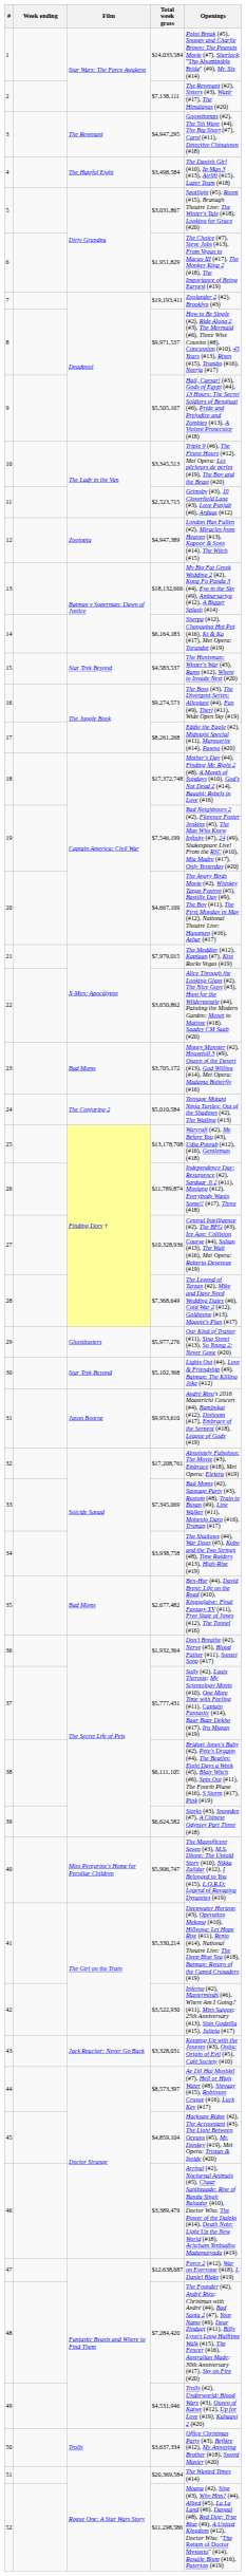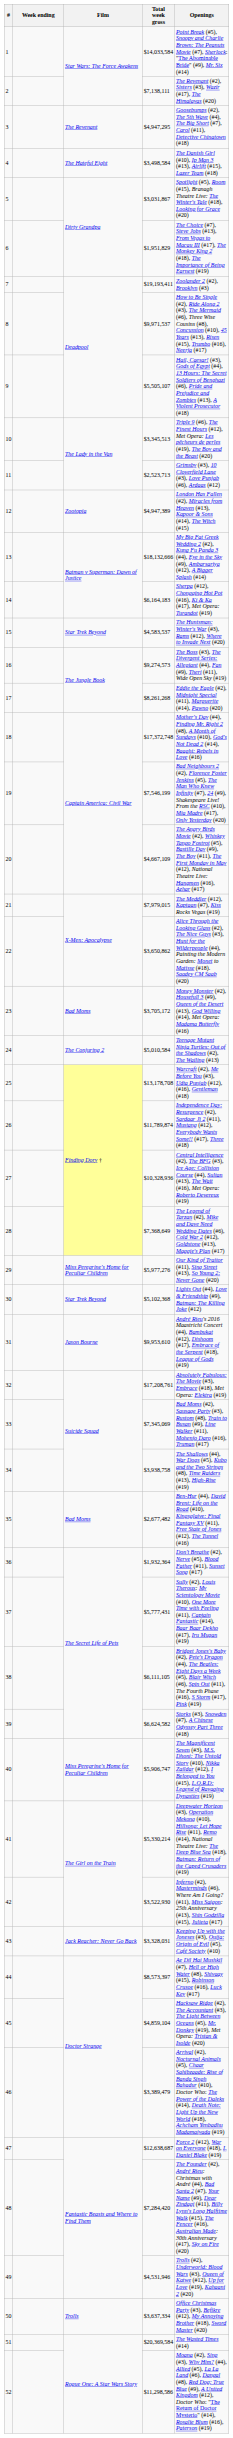 <table class="wikitable sortable">
 <tr>
 <th abbr="Week">#</th>
 <th abbr="Date" style="width:130px">Week ending</th>
 <th style="width:35%;">Film</th>
 <th abbr="Gross">Total<br>week<br>gross</th>
 <th>Openings</th>
 </tr>
 <tr>
 <td>1</td>
 <td></td>
 <td rowspan="2"><em><a href='#'>Star Wars: The Force Awakens</a></em></td>
 <td>$14,033,584</td>
 <td><em><a href='#'>Point Break</a></em> (#5), <em><a href='#'>Snoopy and Charlie Brown: The Peanuts Movie</a></em> (#7), <em><a href='#'>Sherlock</a></em>: "<a href='#'>The Abominable Bride</a>" (#9), <em><a href='#'>Mr. Six</a></em> (#14)</td>
 </tr>
 <tr>
 <td>2</td>
 <td></td>
 <td>$7,138,111</td>
 <td><em><a href='#'>The Revenant</a></em> (#2), <em><a href='#'>Sisters</a></em> (#3), <em><a href='#'>Wazir</a></em> (#17), <em><a href='#'>The Himalayas</a></em> (#20)</td>
 </tr>
 <tr>
 <td>3</td>
 <td></td>
 <td><em><a href='#'>The Revenant</a></em></td>
 <td>$4,947,295</td>
 <td><em><a href='#'>Goosebumps</a></em> (#2), <em><a href='#'>The 5th Wave</a></em> (#4), <em><a href='#'>The Big Short</a></em> (#7), <em><a href='#'>Carol</a></em> (#11), <em><a href='#'>Detective Chinatown</a></em> (#18)</td>
 </tr>
 <tr>
 <td>4</td>
 <td></td>
 <td><em><a href='#'>The Hateful Eight</a></em></td>
 <td>$3,498,584</td>
 <td><em><a href='#'>The Danish Girl</a></em> (#10), <em><a href='#'>Ip Man 3</a></em> (#13), <em><a href='#'>Airlift</a></em> (#15), <em><a href='#'>Lazer Team</a></em> (#18)</td>
 </tr>
 <tr>
 <td>5</td>
 <td></td>
 <td rowspan="2"><em><a href='#'>Dirty Grandpa</a></em></td>
 <td>$3,031,867</td>
 <td><em><a href='#'>Spotlight</a></em> (#5), <em><a href='#'>Room</a></em> (#15), <em>Branagh Theatre Live: <a href='#'>The Winter's Tale</a></em> (#18), <em><a href='#'>Looking for Grace</a></em> (#20)</td>
 </tr>
 <tr>
 <td>6</td>
 <td></td>
 <td>$1,951,829</td>
 <td><em><a href='#'>The Choice</a></em> (#7), <em><a href='#'>Steve Jobs</a></em> (#13), <em><a href='#'>From Vegas to Macau III</a></em> (#17), <em><a href='#'>The Monkey King 2</a></em> (#18), <em><a href='#'>The Importance of Being Earnest</a></em> (#19)</td>
 </tr>
 <tr>
 <td>7</td>
 <td></td>
 <td rowspan="3"><em><a href='#'>Deadpool</a></em></td>
 <td>$19,193,411</td>
 <td><em><a href='#'>Zoolander 2</a></em> (#2), <em><a href='#'>Brooklyn</a></em> (#3)</td>
 </tr>
 <tr>
 <td>8</td>
 <td></td>
 <td>$9,971,537</td>
 <td><em><a href='#'>How to Be Single</a></em> (#2), <em><a href='#'>Ride Along 2</a></em> (#3), <em><a href='#'>The Mermaid</a></em> (#6), <em>Three Wise Cousins</em> (#8), <em><a href='#'>Concussion</a></em> (#10), <em><a href='#'>45 Years</a></em> (#13), <em><a href='#'>Risen</a></em> (#15), <em><a href='#'>Trumbo</a></em> (#16), <em><a href='#'>Neerja</a></em> (#17)</td>
 </tr>
 <tr>
 <td>9</td>
 <td></td>
 <td>$5,505,107</td>
 <td><em><a href='#'>Hail, Caesar!</a></em> (#3), <em><a href='#'>Gods of Egypt</a></em> (#4), <em><a href='#'>13 Hours: The Secret Soldiers of Benghazi</a></em> (#6), <em><a href='#'>Pride and Prejudice and Zombies</a></em> (#13), <em><a href='#'>A Violent Prosecutor</a></em> (#18)</td>
 </tr>
 <tr>
 <td>10</td>
 <td></td>
 <td rowspan="2"><em><a href='#'>The Lady in the Van</a></em></td>
 <td>$3,345,513</td>
 <td><em><a href='#'>Triple 9</a></em> (#6), <em><a href='#'>The Finest Hours</a></em> (#12), <em>Met Opera: <a href='#'>Les pêcheurs de perles</a></em> (#19), <em><a href='#'>The Boy and the Beast</a></em> (#20)</td>
 </tr>
 <tr>
 <td>11</td>
 <td></td>
-<td>$2,523,715</td>
+<td>$2,523,713</td>
 <td><em><a href='#'>Grimsby</a></em> (#3), <em><a href='#'>10 Cloverfield Lane</a></em> (#3), <em><a href='#'>Love Punjab</a></em> (#6), <em><a href='#'>Ardaas</a></em> (#12)</td>
 </tr>
 <tr>
 <td>12</td>
 <td></td>
 <td><em><a href='#'>Zootopia</a></em></td>
 <td>$4,947,389</td>
 <td><em><a href='#'>London Has Fallen</a></em> (#2), <em><a href='#'>Miracles from Heaven</a></em> (#13), <em><a href='#'>Kapoor & Sons</a></em> (#14), <em><a href='#'>The Witch</a></em> (#15)</td>
 </tr>
 <tr>
 <td>13</td>
 <td></td>
 <td rowspan="2"><em><a href='#'>Batman v Superman: Dawn of Justice</a></em></td>
 <td>$18,132,666</td>
 <td><em><a href='#'>My Big Fat Greek Wedding 2</a></em> (#2), <em><a href='#'>Kung Fu Panda 3</a></em> (#4), <em><a href='#'>Eye in the Sky</a></em> (#9), <em><a href='#'>Ambarsariya</a></em> (#12), <em><a href='#'>A Bigger Splash</a></em> (#14)</td>
 </tr>
 <tr>
 <td>14</td>
 <td></td>
 <td>$6,164,183</td>
 <td><em><a href='#'>Sherpa</a></em> (#12), <em><a href='#'>Chongqing Hot Pot</a></em> (#16), <em><a href='#'>Ki & Ka</a></em> (#17), <em>Met Opera: <a href='#'>Turandot</a></em> (#19)</td>
 </tr>
 <tr>
 <td>15</td>
 <td></td>
 <td><em><a href='#'>Star Trek Beyond</a></em></td>
 <td>$4,583,537</td>
 <td><em><a href='#'>The Huntsman: Winter's War</a></em> (#3), <em><a href='#'>Rams</a></em> (#12), <em><a href='#'>Where to Invade Next</a></em> (#20)</td>
 </tr>
 <tr>
 <td>16</td>
 <td></td>
 <td rowspan="2"><em><a href='#'>The Jungle Book</a></em></td>
 <td>$9,274,573</td>
 <td><em><a href='#'>The Boss</a></em> (#3), <em><a href='#'>The Divergent Series: Allegiant</a></em> (#4), <em><a href='#'>Fan</a></em> (#9), <em><a href='#'>Theri</a></em> (#11), <em>Wide Open Sky</em> (#19)</td>
 </tr>
 <tr>
 <td>17</td>
 <td></td>
 <td>$8,261,268</td>
 <td><em><a href='#'>Eddie the Eagle</a></em> (#2), <em><a href='#'>Midnight Special</a></em> (#11), <em><a href='#'>Marguerite</a></em> (#14), <em><a href='#'>Pawno</a></em> (#20)</td>
 </tr>
 <tr>
 <td>18</td>
 <td></td>
 <td rowspan="3"><em><a href='#'>Captain America: Civil War</a></em></td>
 <td>$17,372,748</td>
 <td><em><a href='#'>Mother's Day</a></em> (#4), <em><a href='#'>Finding Mr. Right 2</a></em> (#8), <em><a href='#'>A Month of Sundays</a></em> (#10), <em><a href='#'>God's Not Dead 2</a></em> (#14), <em><a href='#'>Baaghi: Rebels in Love</a></em> (#16)</td>
 </tr>
 <tr>
 <td>19</td>
 <td></td>
 <td>$7,546,199</td>
 <td><em><a href='#'>Bad Neighbours 2</a></em> (#2), <em><a href='#'>Florence Foster Jenkins</a></em> (#5), <em><a href='#'>The Man Who Knew Infinity</a></em> (#7), <em><a href='#'>24</a></em> (#9), <em>Shakespeare Live! From the <a href='#'>RSC</a></em> (#10), <em><a href='#'>Mia Madre</a></em> (#17), <em><a href='#'>Only Yesterday</a></em> (#20)</td>
 </tr>
 <tr>
 <td>20</td>
 <td></td>
 <td>$4,667,109</td>
 <td><em><a href='#'>The Angry Birds Movie</a></em> (#2), <em><a href='#'>Whiskey Tango Foxtrot</a></em> (#5), <em><a href='#'>Bastille Day</a></em> (#9), <em><a href='#'>The Boy</a></em> (#11), <em><a href='#'>The First Monday in May</a></em> (#12), <em>National Theatre Live: <a href='#'>Hangmen</a></em> (#16), <em><a href='#'>Azhar</a></em> (#17)</td>
 </tr>
 <tr>
 <td>21</td>
 <td></td>
 <td rowspan="2"><em><a href='#'>X-Men: Apocalypse</a></em></td>
 <td>$7,979,015</td>
 <td><em><a href='#'>The Meddler</a></em> (#12), <em><a href='#'>Kaptaan</a></em> (#7), <em><a href='#'>Kiss</a> Rocks Vegas</em> (#19)</td>
 </tr>
 <tr>
 <td>22</td>
 <td></td>
 <td>$3,650,862</td>
 <td><em><a href='#'>Alice Through the Looking Glass</a></em> (#2), <em><a href='#'>The Nice Guys</a></em> (#3), <em><a href='#'>Hunt for the Wilderpeople</a></em> (#4), <em>Painting the Modern Garden: <a href='#'>Monet</a> to <a href='#'>Matisse</a></em> (#18). <em><a href='#'>Saadey CM Saab</a></em> (#20)</td>
 </tr>
 <tr>
 <td>23</td>
 <td></td>
 <td><em><a href='#'>Bad Moms</a></em></td>
 <td>$3,705,172</td>
 <td><em><a href='#'>Money Monster</a></em> (#2), <em><a href='#'>Housefull 3</a></em> (#9), <em><a href='#'>Queen of the Desert</a></em> (#13), <em><a href='#'>God Willing</a></em> (#14), <em>Met Opera: <a href='#'>Madama Butterfly</a></em> (#16)</td>
 </tr>
 <tr>
 <td>24</td>
 <td></td>
 <td><em><a href='#'>The Conjuring 2</a></em></td>
 <td>$5,010,584</td>
 <td><em><a href='#'>Teenage Mutant Ninja Turtles: Out of the Shadows</a></em> (#2), <em><a href='#'>The Wailing</a></em> (#13)</td>
 </tr>
 <tr>
 <td>25</td>
 <td></td>
 <td rowspan="4" style="background-color:#FFFF99"><em><a href='#'>Finding Dory</a></em> †</td>
 <td>$13,178,708</td>
 <td><em><a href='#'>Warcraft</a></em> (#2), <em><a href='#'>Me Before You</a></em> (#3), <em><a href='#'>Udta Punjab</a></em> (#12), <em></em> (#16), <em><a href='#'>Gentleman</a></em> (#18)</td>
 </tr>
 <tr>
 <td>26</td>
 <td></td>
 <td>$11,789,874</td>
 <td><em><a href='#'>Independence Day: Resurgence</a></em> (#2), <em><a href='#'>Sardaar Ji 2</a></em> (#11), <em><a href='#'>Mustang</a></em> (#12), <em><a href='#'>Everybody Wants Some!!</a></em> (#17), <em><a href='#'>Three</a></em> (#18)</td>
 </tr>
 <tr>
 <td>27</td>
 <td></td>
 <td>$10,328,936</td>
 <td><em><a href='#'>Central Intelligence</a></em> (#2), <em><a href='#'>The BFG</a></em> (#3), <em><a href='#'>Ice Age: Collision Course</a></em> (#4), <em><a href='#'>Sultan</a></em> (#13), <em><a href='#'>The Wait</a></em> (#16), <em>Met Opera: <a href='#'>Roberto Devereux</a></em> (#19)</td>
 </tr>
 <tr>
 <td>28</td>
 <td></td>
 <td>$7,368,649</td>
 <td><em><a href='#'>The Legend of Tarzan</a></em> (#2), <em><a href='#'>Mike and Dave Need Wedding Dates</a></em> (#6), <em><a href='#'>Cold War 2</a></em> (#12), <em><a href='#'>Goldstone</a></em> (#13), <em><a href='#'>Maggie's Plan</a></em> (#17)</td>
 </tr>
 <tr>
 <td>29</td>
 <td></td>
-<td><em><a href='#'>Ghostbusters</a></em></td>
+<td><em><a href='#'>Miss Peregrine's Home for Peculiar Children</a></em></td>
 <td>$5,977,276</td>
 <td><em><a href='#'>Our Kind of Traitor</a></em> (#11), <em><a href='#'>Sing Street</a></em> (#13), <em><a href='#'>So Young 2: Never Gone</a></em> (#20)</td>
 </tr>
 <tr>
 <td>30</td>
 <td></td>
 <td><em><a href='#'>Star Trek Beyond</a></em></td>
 <td>$5,102,368</td>
 <td><em><a href='#'>Lights Out</a></em> (#4), <em><a href='#'>Love & Friendship</a></em> (#9), <em><a href='#'>Batman: The Killing Joke</a></em> (#12)</td>
 </tr>
 <tr>
 <td>31</td>
 <td></td>
 <td><em><a href='#'>Jason Bourne</a></em></td>
 <td>$9,953,610</td>
 <td><em><a href='#'>André Rieu</a>'s 2016 Maastricht Concert</em> (#4), <em><a href='#'>Bambukat</a></em> (#12), <em><a href='#'>Dishoom</a></em> (#17), <em><a href='#'>Embrace of the Serpent</a></em> (#18), <em><a href='#'>League of Gods</a></em> (#19)</td>
 </tr>
 <tr>
 <td>32</td>
 <td></td>
 <td rowspan="3"><em><a href='#'>Suicide Squad</a></em></td>
 <td>$17,208,761</td>
 <td><em><a href='#'>Absolutely Fabulous: The Movie</a></em> (#3), <em><a href='#'>Embrace</a></em> (#18), <em>Met Opera: <a href='#'>Elektra</a></em> (#19)</td>
 </tr>
 <tr>
 <td>33</td>
 <td></td>
 <td>$7,345,069</td>
 <td><em><a href='#'>Bad Moms</a></em> (#2), <em><a href='#'>Sausage Party</a></em> (#3), <em><a href='#'>Rustom</a></em> (#8), <em><a href='#'>Train to Busan</a></em> (#9), <em><a href='#'>Line Walker</a></em> (#11), <em><a href='#'>Mohenjo Daro</a></em> (#16), <em><a href='#'>Truman</a></em> (#17)</td>
 </tr>
 <tr>
 <td>34</td>
 <td></td>
 <td>$3,938,758</td>
 <td><em><a href='#'>The Shallows</a></em> (#4), <em><a href='#'>War Dogs</a></em> (#5), <em><a href='#'>Kubo and the Two Strings</a></em> (#8), <em><a href='#'>Time Raiders</a></em> (#13), <em><a href='#'>High-Rise</a></em> (#19)</td>
 </tr>
 <tr>
 <td>35</td>
 <td></td>
 <td><em><a href='#'>Bad Moms</a></em></td>
 <td>$2,677,482</td>
 <td><em><a href='#'>Ben-Hur</a></em> (#4), <em><a href='#'>David Brent: Life on the Road</a></em> (#10), <em><a href='#'>Kingsglaive: Final Fantasy XV</a></em> (#11), <em><a href='#'>Free State of Jones</a></em> (#12), <em><a href='#'>The Tunnel</a></em> (#16)</td>
 </tr>
 <tr>
 <td>36</td>
 <td></td>
 <td rowspan="4"><em><a href='#'>The Secret Life of Pets</a></em></td>
 <td>$1,932,364</td>
 <td><em><a href='#'>Don't Breathe</a></em> (#2), <em><a href='#'>Nerve</a></em> (#5), <em><a href='#'>Blood Father</a></em> (#11), <em><a href='#'>Sunset Song</a></em> (#17)</td>
 </tr>
 <tr>
 <td>37</td>
 <td></td>
 <td>$5,777,431</td>
 <td><em><a href='#'>Sully</a></em> (#2), <em><a href='#'>Louis Theroux</a>: <a href='#'>My Scientology Movie</a></em> (#10), <em><a href='#'>One More Time with Feeling</a></em> (#11), <em><a href='#'>Captain Fantastic</a></em> (#14), <em><a href='#'>Baar Baar Dekho</a></em> (#17), <em><a href='#'>Iru Mugan</a></em> (#19)</td>
 </tr>
 <tr>
 <td>38</td>
 <td></td>
 <td>$6,111,105</td>
 <td><em><a href='#'>Bridget Jones's Baby</a></em> (#2), <em><a href='#'>Pete's Dragon</a></em> (#4), <em><a href='#'>The Beatles: Eight Days a Week</a></em> (#5), <em><a href='#'>Blair Witch</a></em> (#6), <em><a href='#'>Spin Out</a></em> (#11), <em>The Fourth Phase</em> (#16), <em><a href='#'>S Storm</a></em> (#17), <em><a href='#'>Pink</a></em> (#19)</td>
 </tr>
 <tr>
 <td>39</td>
 <td></td>
 <td>$6,624,582</td>
 <td><em><a href='#'>Storks</a></em> (#3), <em><a href='#'>Snowden</a></em> (#7), <em><a href='#'>A Chinese Odyssey Part Three</a></em> (#18)</td>
 </tr>
 <tr>
 <td>40</td>
 <td></td>
 <td><em><a href='#'>Miss Peregrine's Home for Peculiar Children</a></em></td>
 <td>$5,906,747</td>
 <td><em><a href='#'>The Magnificent Seven</a></em> (#3), <em><a href='#'>M.S. Dhoni: The Untold Story</a></em> (#10), <em><a href='#'>Nikka Zaildar</a></em> (#12), <em><a href='#'>I Belonged to You</a></em> (#15), <em><a href='#'>L.O.R.D: Legend of Ravaging Dynasties</a></em> (#19)</td>
 </tr>
 <tr>
 <td>41</td>
 <td></td>
 <td rowspan="2"><em><a href='#'>The Girl on the Train</a></em></td>
 <td>$5,330,214</td>
 <td><em><a href='#'>Deepwater Horizon</a></em> (#3), <em><a href='#'>Operation Mekong</a></em> (#10), <em><a href='#'>Hillsong: Let Hope Rise</a></em> (#11), <em><a href='#'>Remo</a></em> (#14), <em>National Theatre Live: <a href='#'>The Deep Blue Sea</a></em> (#18), <em><a href='#'>Batman: Return of the Caped Crusaders</a></em> (#19)</td>
 </tr>
 <tr>
 <td>42</td>
 <td></td>
 <td>$3,522,930</td>
 <td><em><a href='#'>Inferno</a></em> (#2), <em><a href='#'>Masterminds</a></em> (#6), <em>Where Am I Going?</em> (#11), <em><a href='#'>Miss Saigon</a>: 25th Anniversary</em> (#13), <em><a href='#'>Shin Godzilla</a></em> (#15), <em><a href='#'>Julieta</a></em> (#17)</td>
 </tr>
 <tr>
 <td>43</td>
 <td></td>
 <td><em><a href='#'>Jack Reacher: Never Go Back</a></em></td>
 <td>$3,328,031</td>
 <td><em><a href='#'>Keeping Up with the Joneses</a></em> (#3), <em><a href='#'>Ouija: Origin of Evil</a></em> (#5), <em><a href='#'>Café Society</a></em> (#10)</td>
 </tr>
 <tr>
 <td>44</td>
 <td></td>
 <td rowspan="3"><em><a href='#'>Doctor Strange</a></em></td>
 <td>$8,573,397</td>
 <td><em><a href='#'>Ae Dil Hai Mushkil</a></em> (#7), <em><a href='#'>Hell or High Water</a></em> (#8), <em><a href='#'>Shivaay</a></em> (#15), <em><a href='#'>Robinson Crusoe</a></em> (#16), <em><a href='#'>Luck Key</a></em> (#17)</td>
 </tr>
 <tr>
 <td>45</td>
 <td></td>
 <td>$4,859,104</td>
 <td><em><a href='#'>Hacksaw Ridge</a></em> (#2), <em><a href='#'>The Accountant</a></em> (#3), <em><a href='#'>The Light Between Oceans</a></em> (#5), <em><a href='#'>Mr. Donkey</a></em> (#19), <em>Met Opera: <a href='#'>Tristan & Isolde</a></em> (#20)</td>
 </tr>
 <tr>
 <td>46</td>
 <td></td>
 <td>$3,389,479</td>
 <td><em><a href='#'>Arrival</a></em> (#2), <em><a href='#'>Nocturnal Animals</a></em> (#5), <em><a href='#'>Chaar Sahibzaade: Rise of Banda Singh Bahadur</a></em> (#10), <em>Doctor Who</em>: <em><a href='#'>The Power of the Daleks</a></em> (#14), <em><a href='#'>Death Note: Light Up the New World</a></em> (#18), <em><a href='#'>Achcham Yenbadhu Madamaiyada</a></em> (#19)</td>
 </tr>
 <tr>
 <td>47</td>
 <td></td>
 <td rowspan="3"><em><a href='#'>Fantastic Beasts and Where to Find Them</a></em></td>
 <td>$12,638,687</td>
 <td><em><a href='#'>Force 2</a></em> (#12), <em><a href='#'>War on Everyone</a></em> (#18), <em><a href='#'>I, Daniel Blake</a></em> (#19)</td>
 </tr>
 <tr>
 <td>48</td>
 <td></td>
 <td>$7,284,420</td>
 <td><em><a href='#'>The Founder</a></em> (#2), <em><a href='#'>André Rieu</a>: Christmas with André</em> (#4), <em><a href='#'>Bad Santa 2</a></em> (#7), <em><a href='#'>Your Name</a></em> (#9), <em><a href='#'>Dear Zindagi</a></em> (#11), <em><a href='#'>Billy Lynn's Long Halftime Walk</a></em> (#15), <em><a href='#'>The Fencer</a></em> (#16), <em><a href='#'>Australian Made</a>: 30th Anniversary</em> (#17), <em><a href='#'>Sky on Fire</a></em> (#20)</td>
 </tr>
 <tr>
 <td>49</td>
 <td></td>
 <td>$4,531,946</td>
 <td><em><a href='#'>Trolls</a></em> (#2), <em><a href='#'>Underworld: Blood Wars</a></em> (#3), <em><a href='#'>Queen of Katwe</a></em> (#12), <em><a href='#'>Up for Love</a></em> (#19), <em><a href='#'>Kahaani 2</a></em> (#20)</td>
 </tr>
 <tr>
 <td>50</td>
 <td></td>
 <td><em><a href='#'>Trolls</a></em></td>
 <td>$3,637,334</td>
 <td><em><a href='#'>Office Christmas Party</a></em> (#3), <em><a href='#'>Befikre</a></em> (#12), <em><a href='#'>My Annoying Brother</a></em> (#18), <em><a href='#'>Sword Master</a></em> (#20)</td>
 </tr>
 <tr>
 <td>51</td>
 <td></td>
 <td rowspan="2"><em><a href='#'>Rogue One: A Star Wars Story</a></em></td>
 <td>$20,369,584</td>
 <td><em><a href='#'>The Wasted Times</a></em> (#14)</td>
 </tr>
 <tr>
 <td>52</td>
 <td></td>
 <td>$11,298,586</td>
 <td><em><a href='#'>Moana</a></em> (#2), <em><a href='#'>Sing</a></em> (#3), <em><a href='#'>Why Him?</a></em> (#4), <em><a href='#'>Allied</a></em> (#5), <em><a href='#'>La La Land</a></em> (#6), <em><a href='#'>Dangal</a></em> (#8), <em><a href='#'>Red Dog: True Blue</a></em> (#9), <em><a href='#'>A United Kingdom</a></em> (#12), <em>Doctor Who</em>: "<a href='#'>The Return of Doctor Mysterio</a>" (#14), <em><a href='#'>Rosalie Blum</a></em> (#16), <em><a href='#'>Paterson</a></em> (#19)</td>
 </tr>
 </table>
